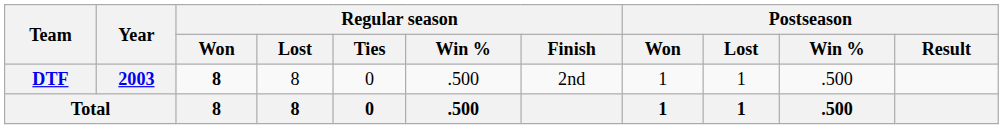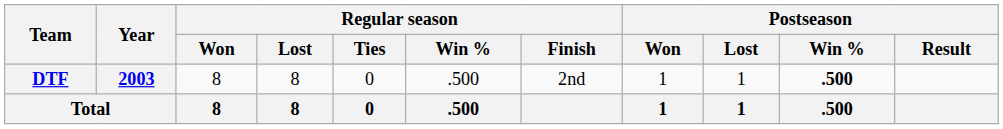 <table class="wikitable" style="font-size: 95%; text-align:center; width:55em">
 <tr>
 <th rowspan="2">Team</th>
 <th rowspan="2">Year</th>
 <th colspan="5">Regular season</th>
 <th colspan="4">Postseason</th>
 </tr>
 <tr>
 <th>Won</th>
 <th>Lost</th>
 <th>Ties</th>
 <th>Win %</th>
 <th>Finish</th>
 <th>Won</th>
 <th>Lost</th>
 <th>Win %</th>
 <th>Result</th>
 </tr>
 <tr>
 <th><a href='#'>DTF</a></th>
 <th><a href='#'>2003</a></th>
-<td><strong>8</strong></td>
+<td>8</td>
 <td>8</td>
 <td>0</td>
 <td>.500</td>
 <td>2nd </td>
 <td>1</td>
 <td>1</td>
-<td>.500</td>
+<td><strong>.500</strong></td>
 <td></td>
 </tr>
 <tr>
 <th colspan="2">Total</th>
 <th>8</th>
 <th>8</th>
 <th>0</th>
 <th>.500</th>
 <th></th>
 <th>1</th>
 <th>1</th>
 <th>.500</th>
 <th></th>
 </tr>
 </table>
